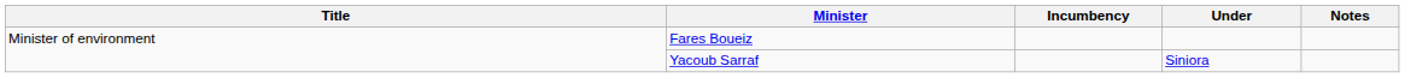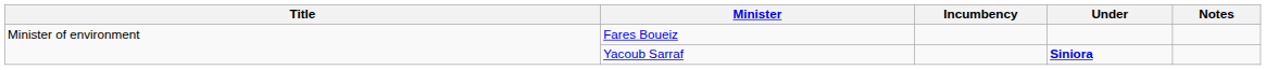 <table class="wikitable" style="width:100%;">
 <tr>
 <th>Title</th>
 <th style="width:25%;"><a href='#'>Minister</a></th>
 <th style="width:160px;">Incumbency</th>
 <th style="width:10%;">Under</th>
 <th style="width:7%;">Notes</th>
 </tr>
 <tr>
 <td rowspan="2" style="vertical-align:top;">Minister of environment</td>
 <td><a href='#'>Fares Boueiz</a></td>
 <td></td>
 <td></td>
 <td></td>
 </tr>
 <tr>
 <td><a href='#'>Yacoub Sarraf</a></td>
 <td></td>
-<td><a href='#'>Siniora</a></td>
+<td><strong><a href='#'>Siniora</a></strong></td>
 <td></td>
 </tr>
 </table>
